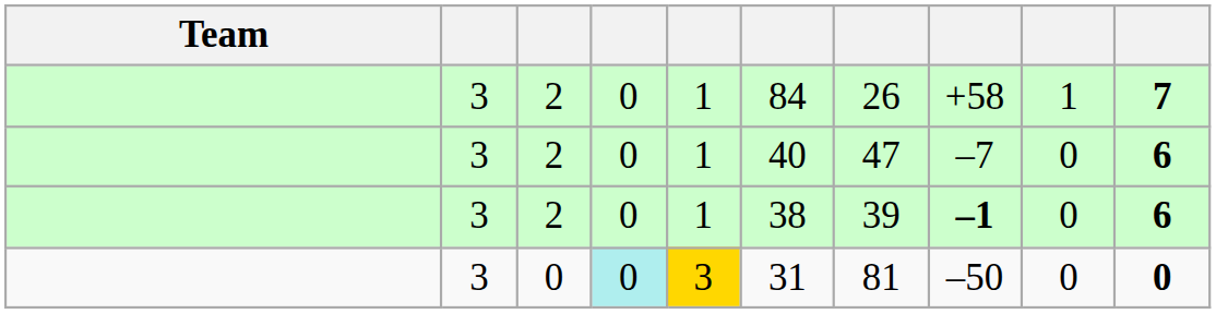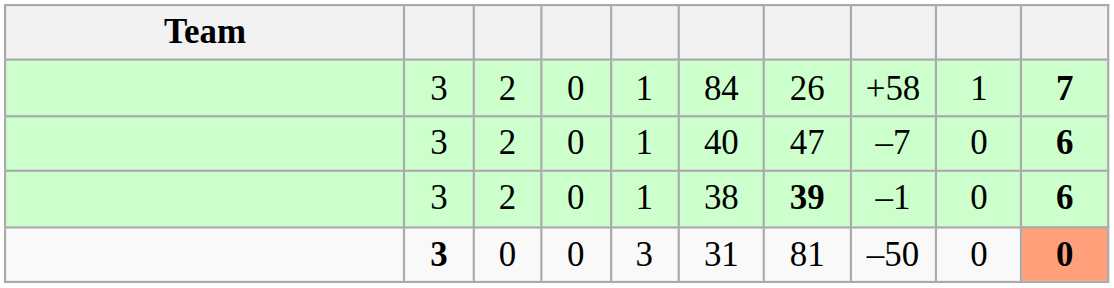 <table class="wikitable" style="text-align:center;">
 <tr>
 <th style="width:11.0em;">Team</th>
 <th style="width:1.5em;"></th>
 <th style="width:1.5em;"></th>
 <th style="width:1.5em;"></th>
 <th style="width:1.5em;"></th>
 <th style="width:2.0em;"></th>
 <th style="width:2.0em;"></th>
 <th style="width:2.0em;"></th>
 <th style="width:2.0em;"></th>
 <th style="width:2.0em;"></th>
 </tr>
 <tr bgcolor=#cfc>
 <td align="left"></td>
 <td>3</td>
 <td>2</td>
 <td>0</td>
 <td>1</td>
 <td>84</td>
 <td>26</td>
 <td>+58</td>
 <td>1</td>
 <td><strong>7</strong></td>
 </tr>
 <tr bgcolor=#cfc>
 <td align="left"></td>
 <td>3</td>
 <td>2</td>
 <td>0</td>
 <td>1</td>
 <td>40</td>
 <td>47</td>
 <td>–7</td>
 <td>0</td>
 <td><strong>6</strong></td>
 </tr>
 <tr bgcolor=#cfc>
 <td align="left"></td>
 <td>3</td>
 <td>2</td>
 <td>0</td>
 <td>1</td>
 <td>38</td>
-<td>39</td>
-<td><strong>–1</strong></td>
+<td><strong>39</strong></td>
+<td>–1</td>
 <td>0</td>
 <td><strong>6</strong></td>
 </tr>
 <tr>
 <td align="left"></td>
+<td><strong>3</strong></td>
+<td>0</td>
+<td>0</td>
 <td>3</td>
-<td>0</td>
-<td style="background: paleturquoise;">0</td>
-<td style="background: gold;">3</td>
 <td>31</td>
 <td>81</td>
 <td>–50</td>
 <td>0</td>
-<td><strong>0</strong></td>
+<td style="background: lightsalmon;"><strong>0</strong></td>
 </tr>
 </table>
